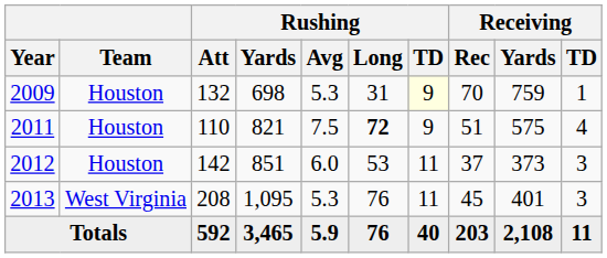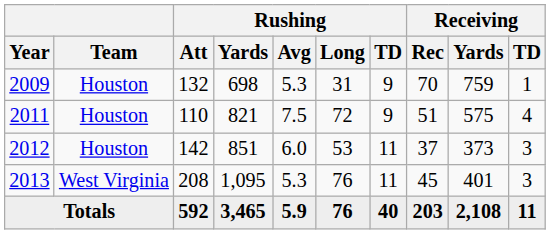 <table class="wikitable" style="text-align:center;">
 <tr>
 <th colspan="2"></th>
 <th colspan="5">Rushing</th>
 <th colspan="3">Receiving</th>
 </tr>
 <tr>
 <th>Year</th>
 <th>Team</th>
 <th>Att</th>
 <th>Yards</th>
 <th>Avg</th>
 <th>Long</th>
 <th>TD</th>
 <th>Rec</th>
 <th>Yards</th>
 <th>TD</th>
 </tr>
 <tr>
 <td><a href='#'>2009</a></td>
 <td><a href='#'>Houston</a></td>
 <td>132</td>
 <td>698</td>
 <td>5.3</td>
 <td>31</td>
-<td style="background: lightyellow;">9</td>
+<td>9</td>
 <td>70</td>
 <td>759</td>
 <td>1</td>
 </tr>
 <tr>
 <td><a href='#'>2011</a></td>
 <td><a href='#'>Houston</a></td>
 <td>110</td>
 <td>821</td>
 <td>7.5</td>
-<td><strong>72</strong></td>
+<td>72</td>
 <td>9</td>
 <td>51</td>
 <td>575</td>
 <td>4</td>
 </tr>
 <tr>
 <td><a href='#'>2012</a></td>
 <td><a href='#'>Houston</a></td>
 <td>142</td>
 <td>851</td>
 <td>6.0</td>
 <td>53</td>
 <td>11</td>
 <td>37</td>
 <td>373</td>
 <td>3</td>
 </tr>
 <tr>
 <td><a href='#'>2013</a></td>
 <td><a href='#'>West Virginia</a></td>
 <td>208</td>
 <td>1,095</td>
 <td>5.3</td>
 <td>76</td>
 <td>11</td>
 <td>45</td>
 <td>401</td>
 <td>3</td>
 </tr>
 <tr style="background:#eee; font-weight:bold; color:black;">
 <td colspan=2>Totals</td>
 <td>592</td>
 <td>3,465</td>
 <td>5.9</td>
 <td>76</td>
 <td>40</td>
 <td>203</td>
 <td>2,108</td>
 <td>11</td>
 </tr>
 </table>
